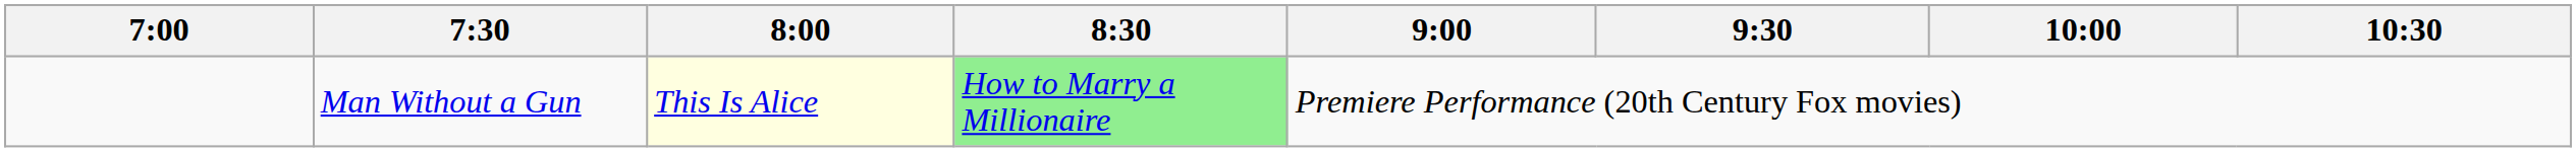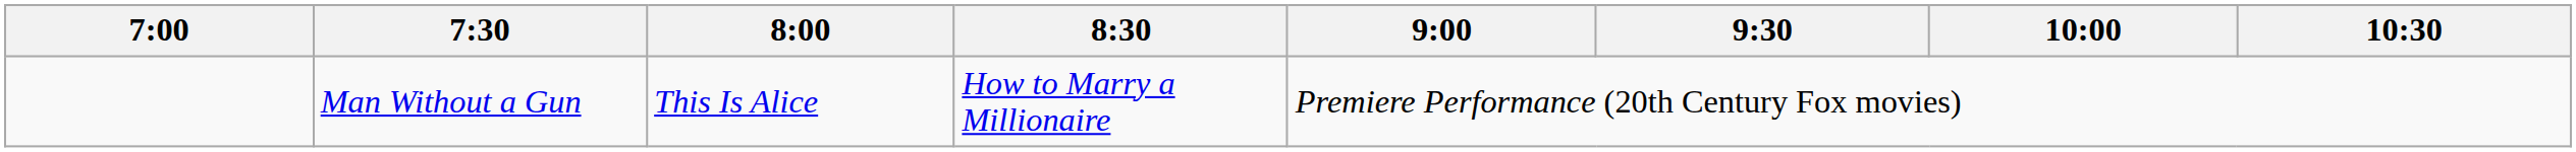 <table class="wikitable">
 <tr>
 <th width="12%" scope="col">7:00</th>
 <th width="13%" scope="col">7:30</th>
 <th width="12%" scope="col">8:00</th>
 <th width="13%" scope="col">8:30</th>
 <th width="12%" scope="col">9:00</th>
 <th width="13%" scope="col">9:30</th>
 <th width="12%" scope="col">10:00</th>
 <th width="13%" scope="col">10:30</th>
 </tr>
 <tr>
 <td></td>
 <td><em><a href='#'>Man Without a Gun</a></em></td>
-<td style="background: lightyellow;"><em><a href='#'>This Is Alice</a></em></td>
-<td style="background: lightgreen;"><em><a href='#'>How to Marry a Millionaire</a></em></td>
+<td><em><a href='#'>This Is Alice</a></em></td>
+<td><em><a href='#'>How to Marry a Millionaire</a></em></td>
 <td colspan="4"><em>Premiere Performance</em> (20th Century Fox movies)</td>
 </tr>
 </table>
